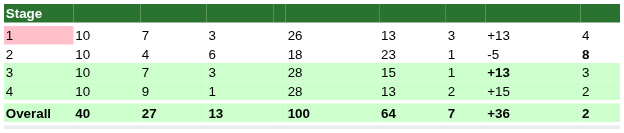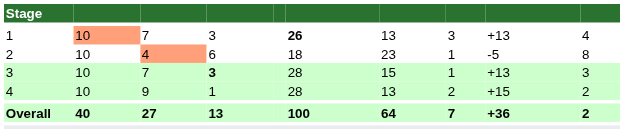 <table class="toccolours" border=0 cellpadding="2" cellspacing="0" style="font-size:95%; text-align:left; width:700px;">
 <tr align="left" style="background:#2A7230; color:#FFFFFF;">
 <th style="width:75px">Stage</th>
 <th></th>
 <th></th>
 <th></th>
 <th></th>
 <th></th>
 <th></th>
 <th></th>
 <th></th>
 <th></th>
 </tr>
 <tr>
 <td colspan = "10"></td>
 </tr>
 <tr>
-<td style="background: pink;">1</td>
-<td>10</td>
+<td>1</td>
+<td style="background: lightsalmon;">10</td>
 <td>7</td>
 <td>3</td>
 <td></td>
-<td>26</td>
+<td><strong>26</strong></td>
 <td>13</td>
 <td>3</td>
 <td>+13</td>
 <td>4</td>
 </tr>
 <tr>
 <td>2</td>
 <td>10</td>
-<td>4</td>
+<td style="background: lightsalmon;">4</td>
 <td>6</td>
 <td></td>
 <td>18</td>
 <td>23</td>
 <td>1</td>
 <td>-5</td>
-<td><strong>8</strong></td>
+<td>8</td>
 </tr>
 <tr style="background:#cfc">
 <td>3</td>
 <td>10</td>
 <td>7</td>
-<td>3</td>
+<td><strong>3</strong></td>
 <td></td>
 <td>28</td>
 <td>15</td>
 <td>1</td>
-<td><strong>+13</strong></td>
+<td>+13</td>
 <td>3</td>
 </tr>
 <tr style="background:#cfc">
 <td>4</td>
 <td>10</td>
 <td>9</td>
 <td>1</td>
 <td></td>
 <td>28</td>
 <td>13</td>
 <td>2</td>
 <td>+15</td>
 <td>2</td>
 </tr>
 <tr>
 <td colspan="10"></td>
 </tr>
 <tr style="background-color:#cfc">
 <th>Overall</th>
 <th>40</th>
 <th>27</th>
 <th>13</th>
 <th></th>
 <th>100</th>
 <th>64</th>
 <th>7</th>
 <th>+36</th>
 <th>2</th>
 </tr>
 <tr>
 <td colspan="10"></td>
 </tr>
 <tr style="background:#EAECF0;">
 <td colspan="10" style="text-align:center;"></td>
 </tr>
 </table>
